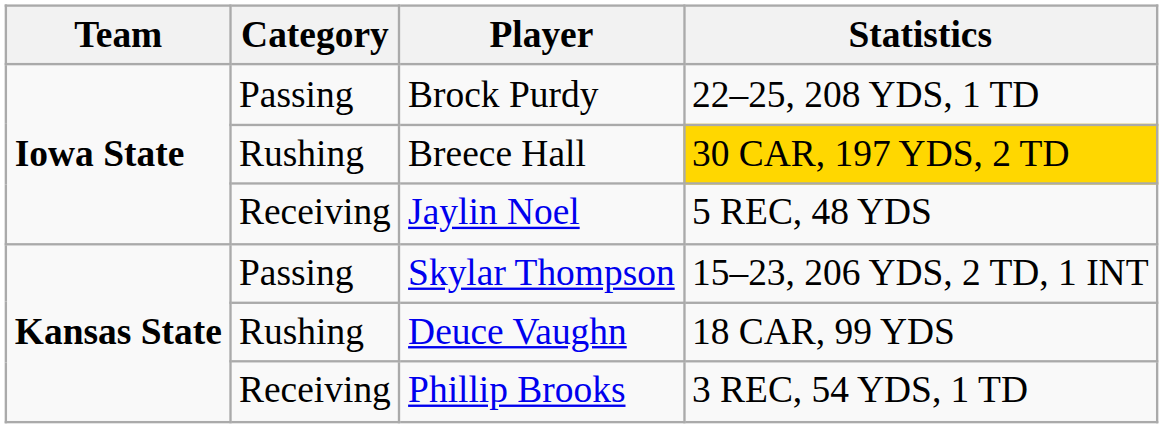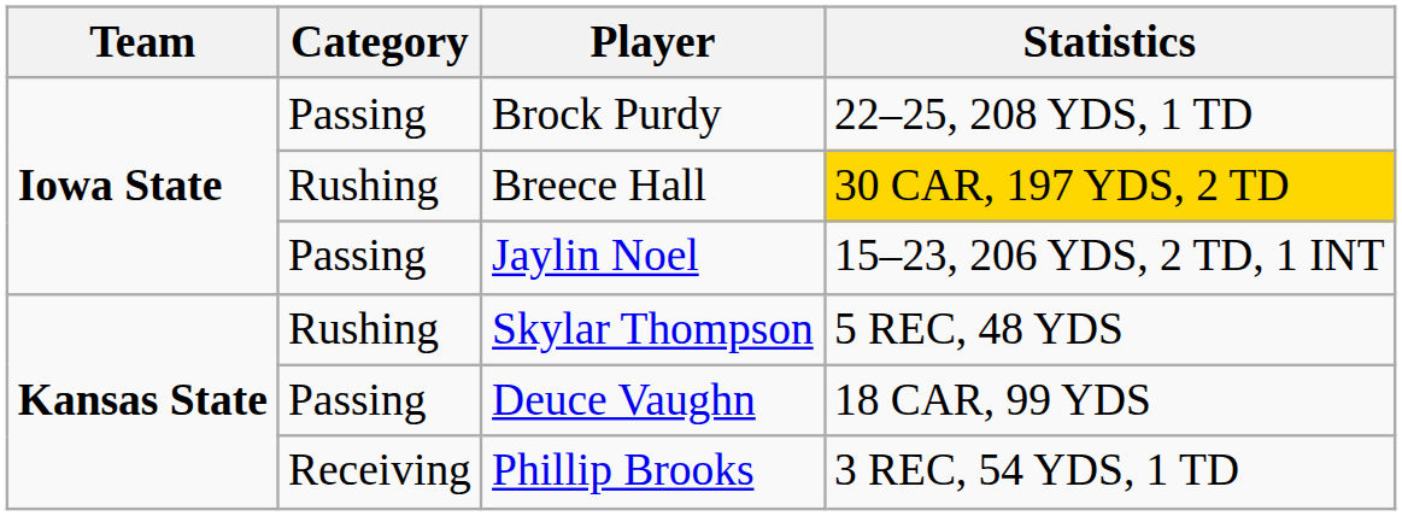 <table class="wikitable" style="float: right;">
 <tr>
 <th>Team</th>
 <th>Category</th>
 <th>Player</th>
 <th>Statistics</th>
 </tr>
 <tr>
 <td rowspan=3><strong>Iowa State</strong></td>
 <td>Passing</td>
 <td>Brock Purdy</td>
 <td>22–25, 208 YDS, 1 TD</td>
 </tr>
 <tr>
 <td>Rushing</td>
 <td>Breece Hall</td>
 <td style="background: gold;">30 CAR, 197 YDS, 2 TD</td>
 </tr>
 <tr>
-<td>Receiving</td>
+<td>Passing</td>
 <td><a href='#'>Jaylin Noel</a></td>
+<td>15–23, 206 YDS, 2 TD, 1 INT</td>
+</tr>
+<tr>
+<td rowspan=3><strong>Kansas State</strong></td>
+<td>Rushing</td>
+<td><a href='#'>Skylar Thompson</a></td>
 <td>5 REC, 48 YDS</td>
 </tr>
 <tr>
-<td rowspan=3><strong>Kansas State</strong></td>
 <td>Passing</td>
-<td><a href='#'>Skylar Thompson</a></td>
-<td>15–23, 206 YDS, 2 TD, 1 INT</td>
-</tr>
-<tr>
-<td>Rushing</td>
 <td><a href='#'>Deuce Vaughn</a></td>
 <td>18 CAR, 99 YDS</td>
 </tr>
 <tr>
 <td>Receiving</td>
 <td><a href='#'>Phillip Brooks</a></td>
 <td>3 REC, 54 YDS, 1 TD</td>
 </tr>
 </table>
